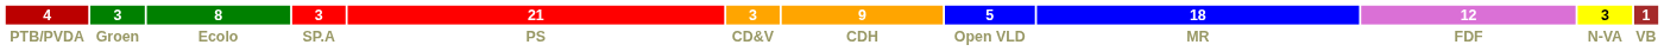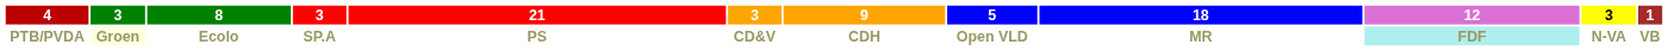 <table style="width:100%; font-size:88%; text-align:center;">
 <tr style="font-weight:bold">
 <td style="background:#BB0000; width:4%; color:white">4</td>
 <td style="background:green; width:3%; color:white">3</td>
 <td style="background:green; width:8%; color:white">8</td>
 <td style="background:red; width:3%; color:white">3</td>
 <td style="background:red; width:21%; color:white">21</td>
 <td style="background:orange; width:3%; color:white">3</td>
 <td style="background:orange; width:9%; color:white">9</td>
 <td style="background:blue; width:5%; color:white">5</td>
 <td style="background:blue; width:18%; color:white">18</td>
 <td style="background:orchid; width:12%; color:white">12</td>
 <td style="background:yellow; width:3%; color:black">3</td>
 <td style="background:brown; width:1%; color:white">1</td>
 </tr>
 <tr style="font-weight:bold; color:#996;">
 <td>PTB/PVDA</td>
-<td>Groen</td>
+<td style="background: lightyellow;">Groen</td>
 <td>Ecolo</td>
 <td>SP.A</td>
 <td>PS</td>
 <td>CD&V</td>
 <td>CDH</td>
 <td>Open VLD</td>
 <td>MR</td>
-<td>FDF</td>
+<td style="background: paleturquoise;">FDF</td>
 <td>N-VA</td>
 <td>VB</td>
 </tr>
 </table>
